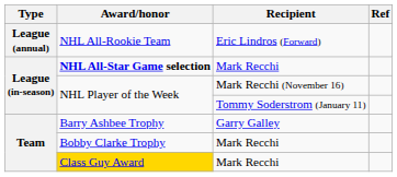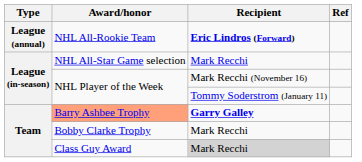 <table class="wikitable">
 <tr>
 <th scope="col">Type</th>
 <th scope="col">Award/honor</th>
 <th scope="col">Recipient</th>
 <th scope="col">Ref</th>
 </tr>
 <tr>
 <th scope="row">League<br><small>(annual)</small></th>
 <td><a href='#'>NHL All-Rookie Team</a></td>
-<td><a href='#'>Eric Lindros</a> <small>(<a href='#'>Forward</a>)</small></td>
+<td><strong><a href='#'>Eric Lindros</a> <small>(<a href='#'>Forward</a>)</small></strong></td>
 <td></td>
 </tr>
 <tr>
 <th scope="row" rowspan="3">League<br><small>(in-season)</small></th>
-<td><strong><a href='#'>NHL All-Star Game</a> selection</strong></td>
+<td><a href='#'>NHL All-Star Game</a> selection</td>
 <td><a href='#'>Mark Recchi</a></td>
 <td></td>
 </tr>
 <tr>
 <td rowspan="2">NHL Player of the Week</td>
 <td>Mark Recchi <small>(November 16)</small></td>
 <td></td>
 </tr>
 <tr>
 <td><a href='#'>Tommy Soderstrom</a> <small>(January 11)</small></td>
 <td></td>
 </tr>
 <tr>
 <th scope="row" rowspan="3">Team</th>
-<td><a href='#'>Barry Ashbee Trophy</a></td>
-<td><a href='#'>Garry Galley</a></td>
+<td style="background: lightsalmon;"><a href='#'>Barry Ashbee Trophy</a></td>
+<td><strong><a href='#'>Garry Galley</a></strong></td>
 <td></td>
 </tr>
 <tr>
 <td><a href='#'>Bobby Clarke Trophy</a></td>
 <td>Mark Recchi</td>
 <td></td>
 </tr>
 <tr>
-<td style="background: gold;"><a href='#'>Class Guy Award</a></td>
-<td>Mark Recchi</td>
+<td><a href='#'>Class Guy Award</a></td>
+<td style="background: lightgrey;">Mark Recchi</td>
 <td></td>
 </tr>
 </table>
